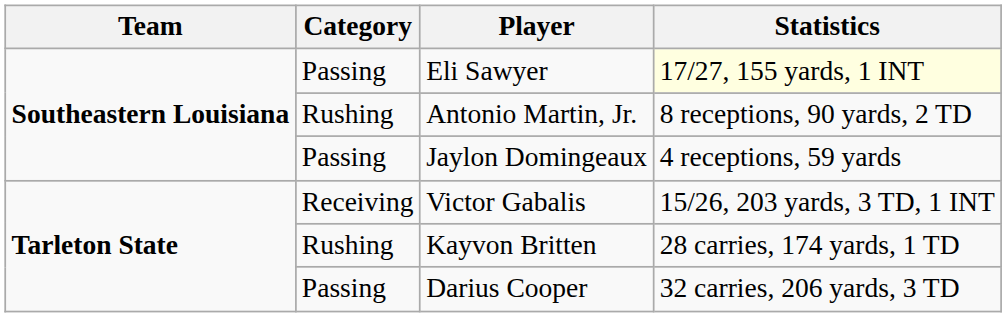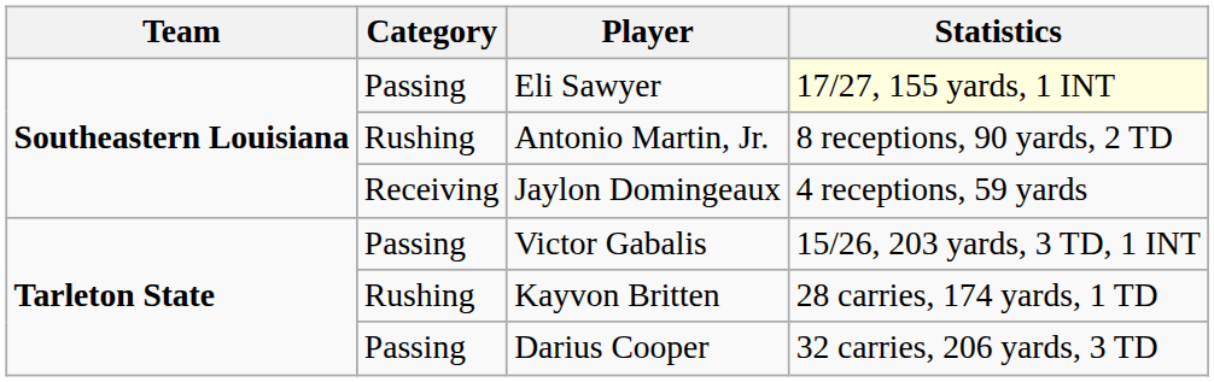 <table class="wikitable" style="float: right;">
 <tr>
 <th>Team</th>
 <th>Category</th>
 <th>Player</th>
 <th>Statistics</th>
 </tr>
 <tr>
 <td rowspan=3><strong>Southeastern Louisiana</strong></td>
 <td>Passing</td>
 <td>Eli Sawyer</td>
 <td style="background: lightyellow;">17/27, 155 yards, 1 INT</td>
 </tr>
 <tr>
 <td>Rushing</td>
 <td>Antonio Martin, Jr.</td>
 <td>8 receptions, 90 yards, 2 TD</td>
 </tr>
 <tr>
-<td>Passing</td>
+<td>Receiving</td>
 <td>Jaylon Domingeaux</td>
 <td>4 receptions, 59 yards</td>
 </tr>
 <tr>
 <td rowspan=3><strong>Tarleton State</strong></td>
-<td>Receiving</td>
+<td>Passing</td>
 <td>Victor Gabalis</td>
 <td>15/26, 203 yards, 3 TD, 1 INT</td>
 </tr>
 <tr>
 <td>Rushing</td>
 <td>Kayvon Britten</td>
 <td>28 carries, 174 yards, 1 TD</td>
 </tr>
 <tr>
 <td>Passing</td>
 <td>Darius Cooper</td>
 <td>32 carries, 206 yards, 3 TD</td>
 </tr>
 </table>
